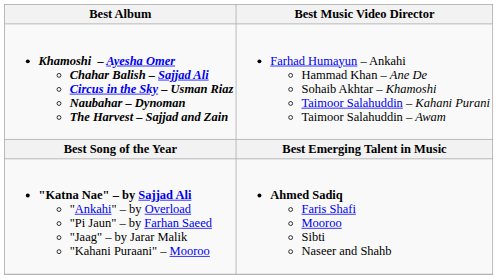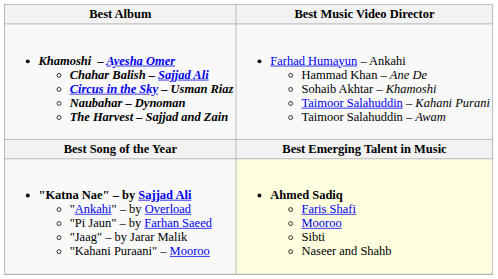 <table class=wikitable style="width=100%">
 <tr>
 <th style="width=50%">Best Album</th>
 <th style="width=50%">Best Music Video Director</th>
 </tr>
 <tr>
 <td valign="top"><br><ul><li><strong><em>Khamoshi <em> – <a href='#'>Ayesha Omer</a><strong><ul><li></em>Chahar Balish<em> – <a href='#'>Sajjad Ali</a></li><li></em><a href='#'>Circus in the Sky</a><em> – Usman Riaz</li><li></em>Naubahar<em> – Dynoman</li><li></em>The Harvest<em> – Sajjad and Zain</li></ul></li></ul></td>
 <td valign="top"><br><ul><li></strong><a href='#'>Farhad Humayun</a> – </em>Ankahi</em></strong><ul><li>Hammad Khan – <em>Ane De</em></li><li>Sohaib Akhtar – <em>Khamoshi</em></li><li><a href='#'>Taimoor Salahuddin</a> – <em>Kahani Purani</em></li><li>Taimoor Salahuddin – <em>Awam</em></li></ul></li></ul></td>
 </tr>
 <tr>
 <th style="width=50%">Best Song of the Year</th>
 <th style="width=50%">Best Emerging Talent in Music</th>
 </tr>
 <tr>
 <td valign="top"><br><ul><li><strong>"Katna Nae" – by <a href='#'>Sajjad Ali</a></strong><ul><li>"<a href='#'>Ankahi</a>" – by <a href='#'>Overload</a></li><li>"Pi Jaun" – by <a href='#'>Farhan Saeed</a></li><li>"Jaag" – by Jarar Malik</li><li>"Kahani Puraani" – <a href='#'>Mooroo</a></li></ul></li></ul></td>
-<td valign="top"><br><ul><li><strong>Ahmed Sadiq</strong><ul><li><a href='#'>Faris Shafi</a></li><li><a href='#'>Mooroo</a></li><li>Sibti</li><li>Naseer and Shahb</li></ul></li></ul></td>
+<td valign="top" style="background: lightyellow;"><br><ul><li><strong>Ahmed Sadiq</strong><ul><li><a href='#'>Faris Shafi</a></li><li><a href='#'>Mooroo</a></li><li>Sibti</li><li>Naseer and Shahb</li></ul></li></ul></td>
 </tr>
 <tr>
 </tr>
 </table>
